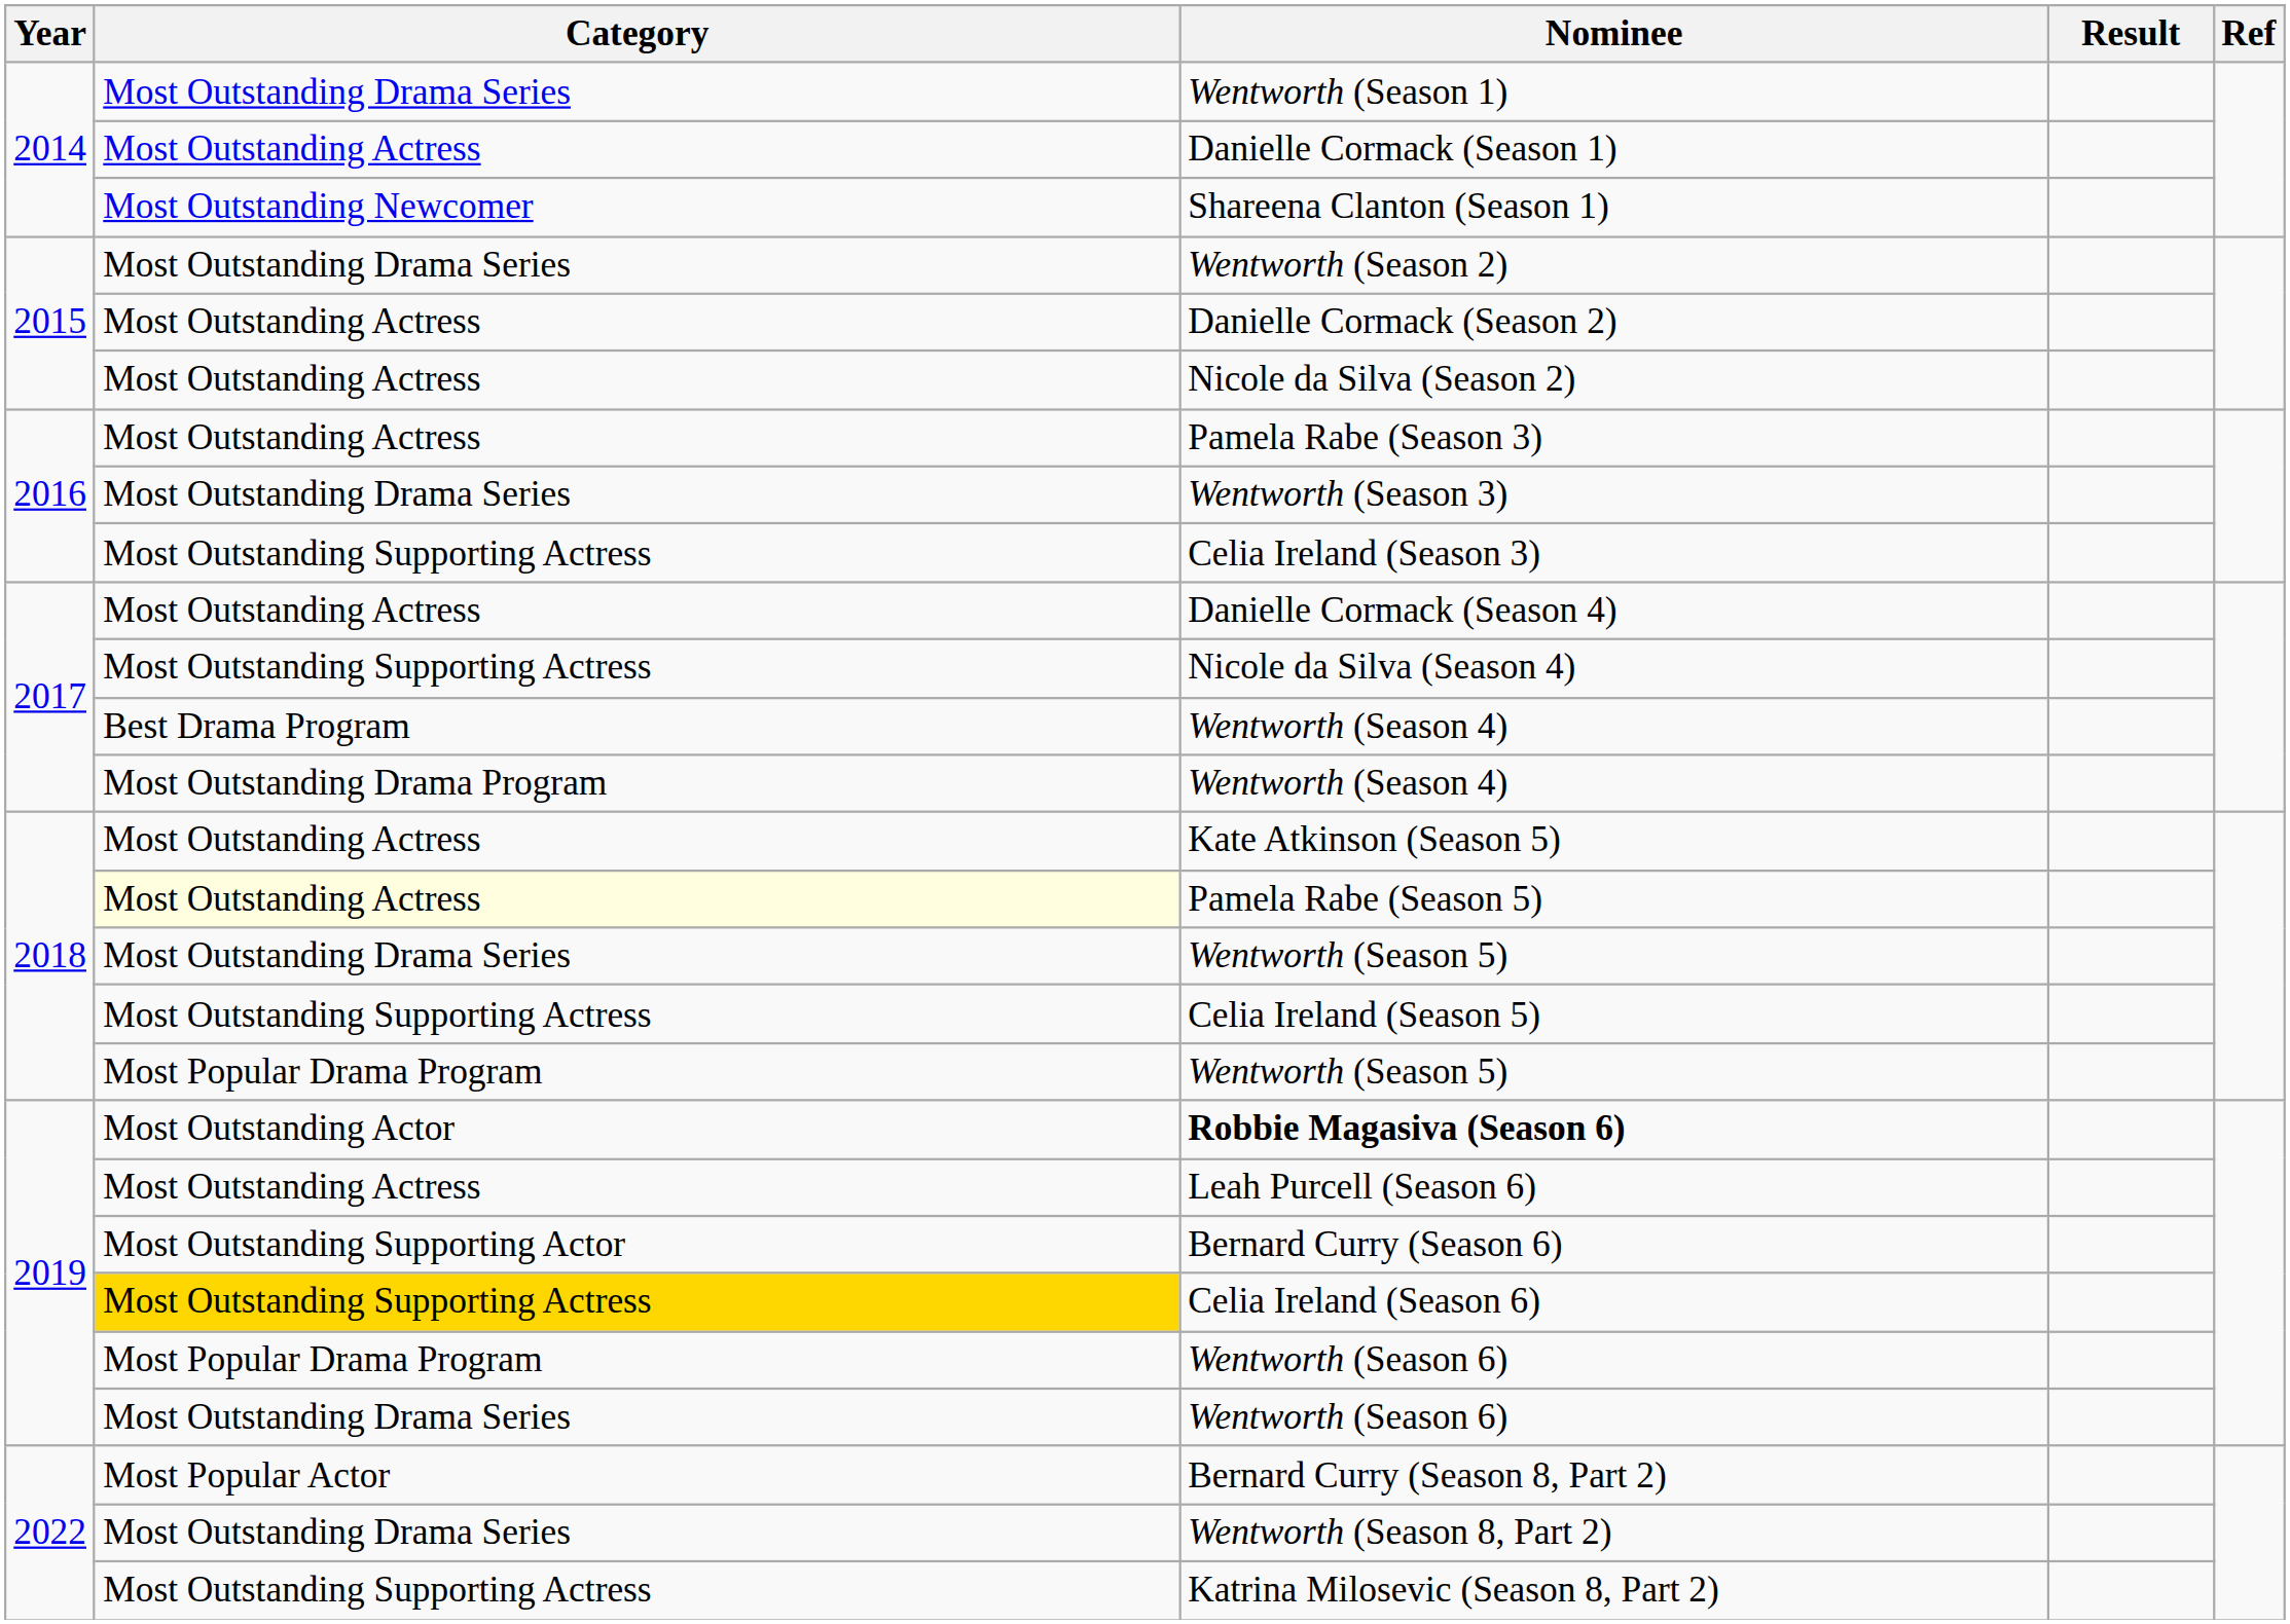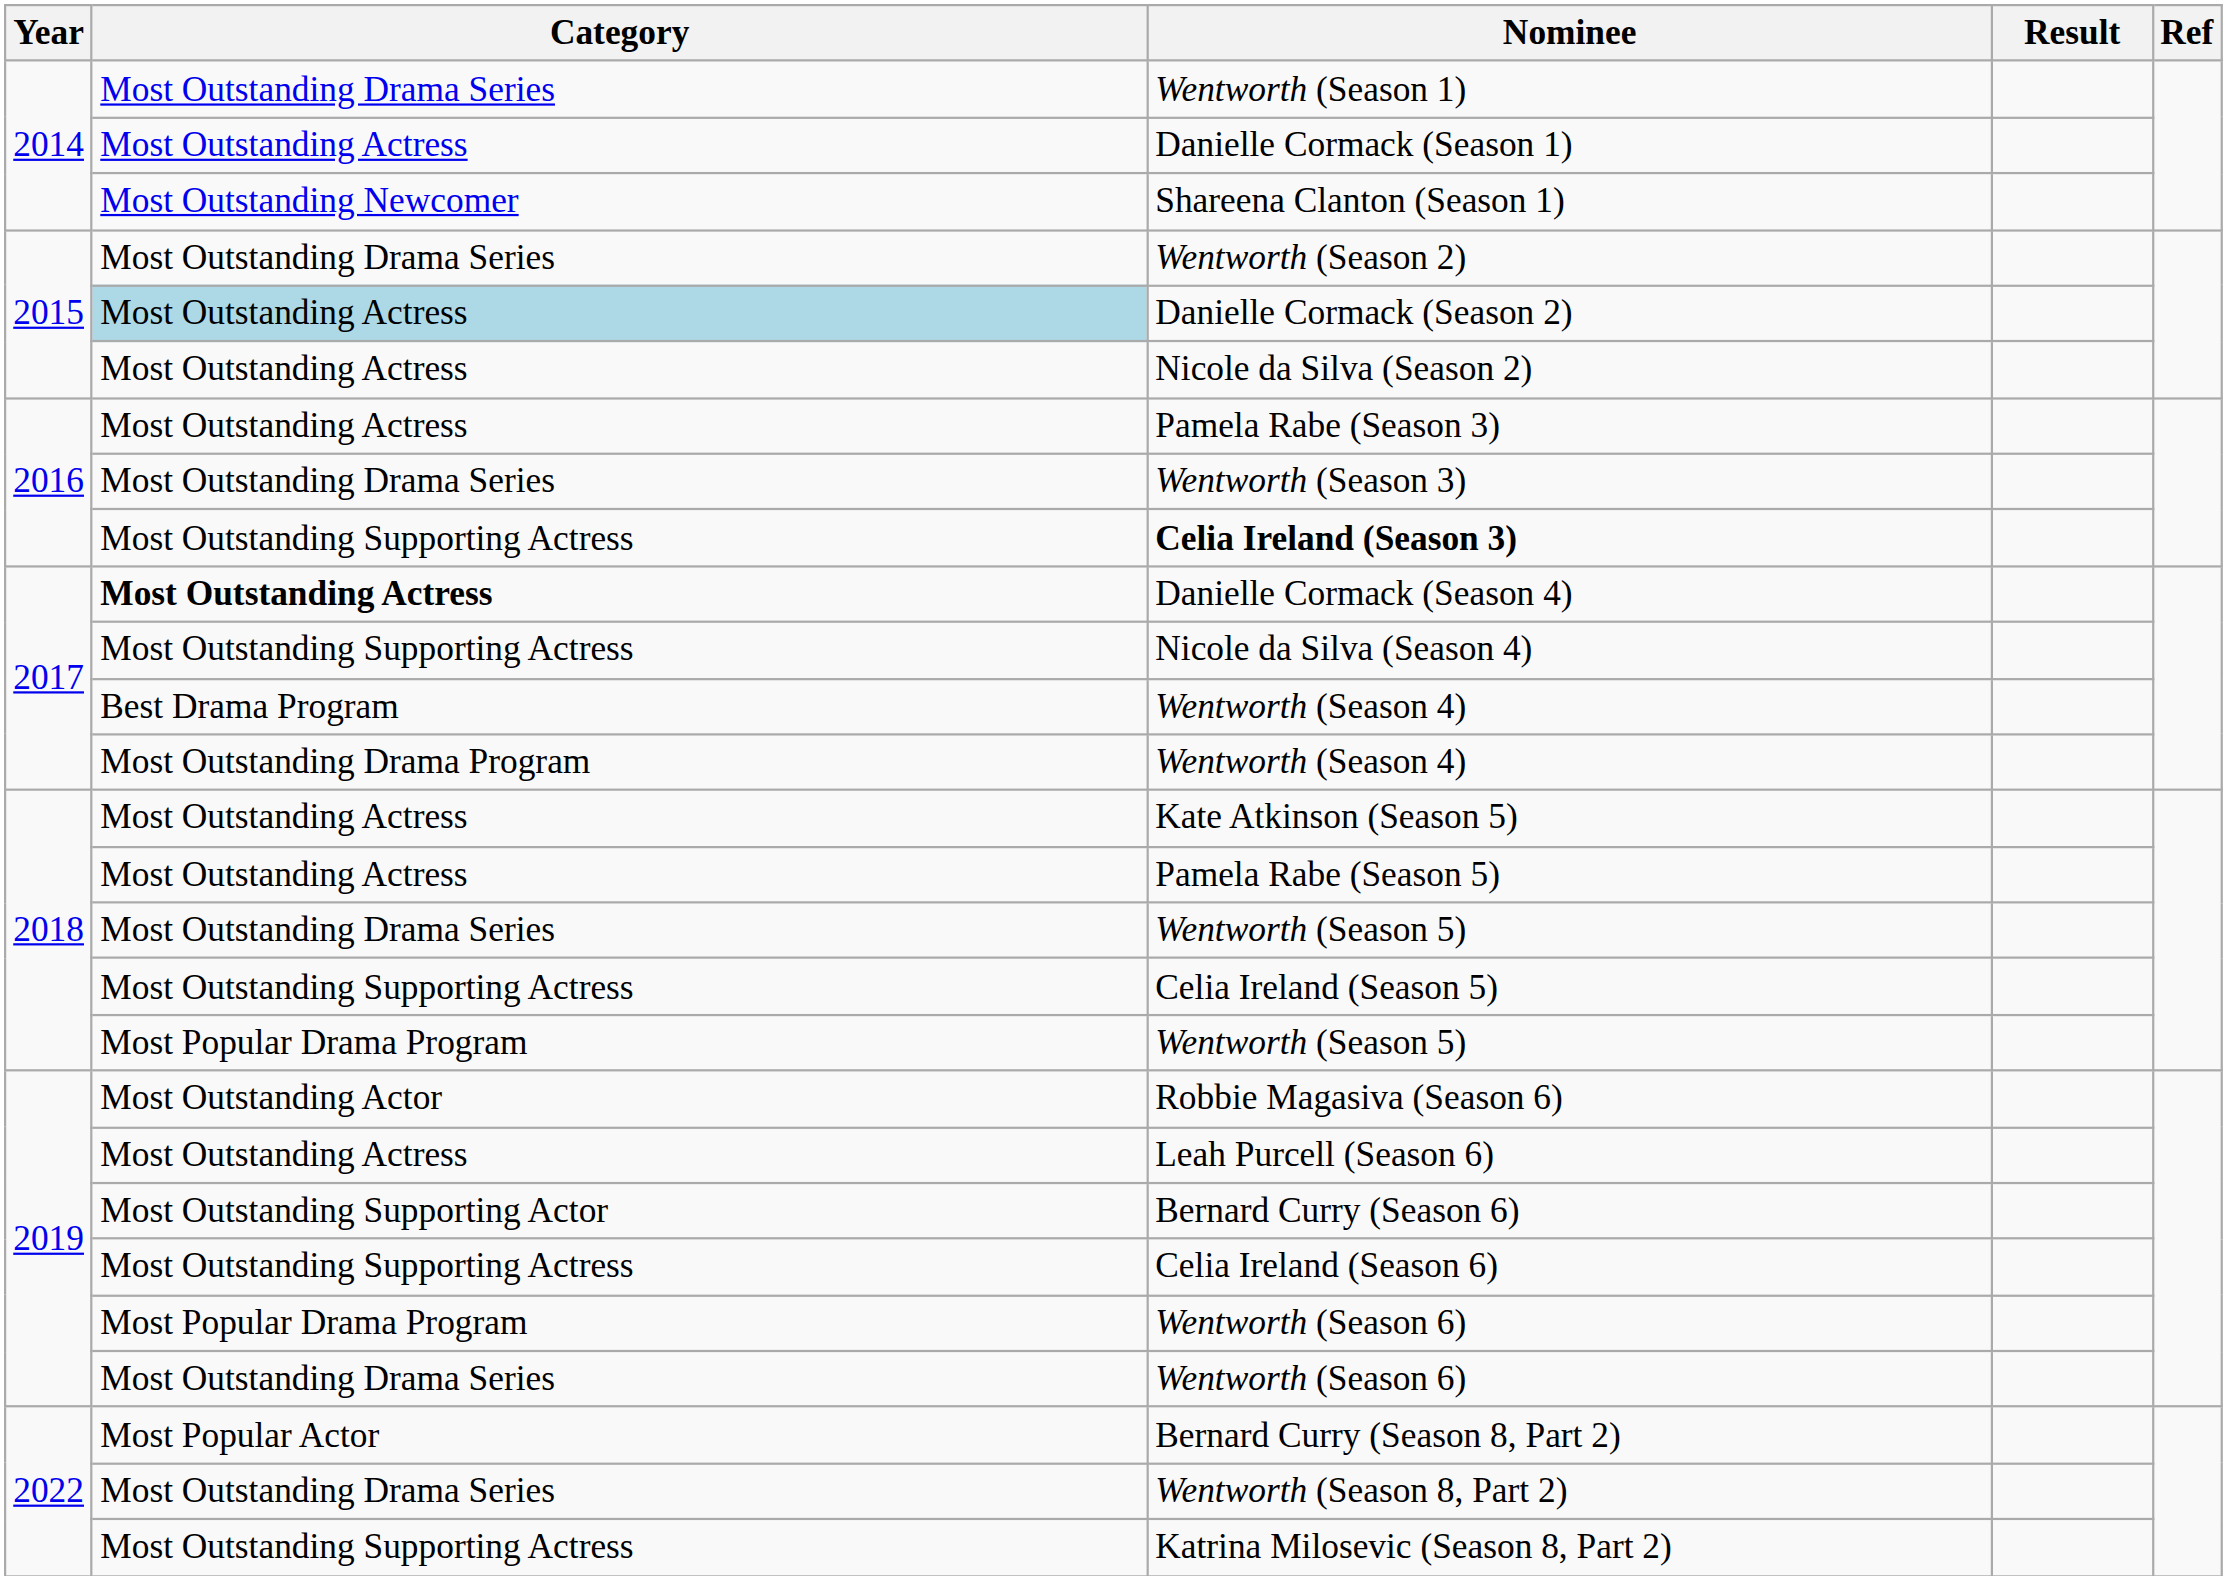 <table class="wikitable">
 <tr>
 <th>Year</th>
 <th width="470">Category</th>
 <th width="375">Nominee</th>
 <th width="65">Result</th>
 <th>Ref</th>
 </tr>
 <tr>
 <td rowspan="3"><a href='#'>2014</a></td>
 <td><a href='#'>Most Outstanding Drama Series</a></td>
 <td><em>Wentworth</em> (Season 1)</td>
 <td></td>
 <td align="center" rowspan="3"></td>
 </tr>
 <tr>
 <td><a href='#'>Most Outstanding Actress</a></td>
 <td>Danielle Cormack (Season 1)</td>
 <td></td>
 </tr>
 <tr>
 <td><a href='#'>Most Outstanding Newcomer</a></td>
 <td>Shareena Clanton (Season 1)</td>
 <td></td>
 </tr>
 <tr>
 <td rowspan="3"><a href='#'>2015</a></td>
 <td>Most Outstanding Drama Series</td>
 <td><em>Wentworth</em> (Season 2)</td>
 <td></td>
 <td align="center" rowspan="3"><br></td>
 </tr>
 <tr>
-<td>Most Outstanding Actress</td>
+<td style="background: lightblue;">Most Outstanding Actress</td>
 <td>Danielle Cormack (Season 2)</td>
 <td></td>
 </tr>
 <tr>
 <td>Most Outstanding Actress</td>
 <td>Nicole da Silva (Season 2)</td>
 <td></td>
 </tr>
 <tr>
 <td rowspan="3"><a href='#'>2016</a></td>
 <td>Most Outstanding Actress</td>
 <td>Pamela Rabe (Season 3)</td>
 <td></td>
 <td align="center" rowspan="3"><br></td>
 </tr>
 <tr>
 <td>Most Outstanding Drama Series</td>
 <td><em>Wentworth</em> (Season 3)</td>
 <td></td>
 </tr>
 <tr>
 <td>Most Outstanding Supporting Actress</td>
-<td>Celia Ireland (Season 3)</td>
+<td><strong>Celia Ireland (Season 3)</strong></td>
 <td></td>
 </tr>
 <tr>
 <td rowspan="4"><a href='#'>2017</a></td>
-<td>Most Outstanding Actress</td>
+<td><strong>Most Outstanding Actress</strong></td>
 <td>Danielle Cormack (Season 4)</td>
 <td></td>
 <td align="center" rowspan="4"></td>
 </tr>
 <tr>
 <td>Most Outstanding Supporting Actress</td>
 <td>Nicole da Silva (Season 4)</td>
 <td></td>
 </tr>
 <tr>
 <td>Best Drama Program</td>
 <td><em>Wentworth</em> (Season 4)</td>
 <td></td>
 </tr>
 <tr>
 <td>Most Outstanding Drama Program</td>
 <td><em>Wentworth</em> (Season 4)</td>
 <td></td>
 </tr>
 <tr>
 <td rowspan="5"><a href='#'>2018</a></td>
 <td>Most Outstanding Actress</td>
 <td>Kate Atkinson (Season 5)</td>
 <td></td>
 <td align="center" rowspan="5"></td>
 </tr>
 <tr>
-<td style="background: lightyellow;">Most Outstanding Actress</td>
+<td>Most Outstanding Actress</td>
 <td>Pamela Rabe (Season 5)</td>
 <td></td>
 </tr>
 <tr>
 <td>Most Outstanding Drama Series</td>
 <td><em>Wentworth</em> (Season 5)</td>
 <td></td>
 </tr>
 <tr>
 <td>Most Outstanding Supporting Actress</td>
 <td>Celia Ireland (Season 5)</td>
 <td></td>
 </tr>
 <tr>
 <td>Most Popular Drama Program</td>
 <td><em>Wentworth</em> (Season 5)</td>
 <td></td>
 </tr>
 <tr>
 <td rowspan="6"><a href='#'>2019</a></td>
 <td>Most Outstanding Actor</td>
-<td><strong>Robbie Magasiva (Season 6)</strong></td>
+<td>Robbie Magasiva (Season 6)</td>
 <td></td>
 <td align="center" rowspan="6"></td>
 </tr>
 <tr>
 <td>Most Outstanding Actress</td>
 <td>Leah Purcell (Season 6)</td>
 <td></td>
 </tr>
 <tr>
 <td>Most Outstanding Supporting Actor</td>
 <td>Bernard Curry (Season 6)</td>
 <td></td>
 </tr>
 <tr>
-<td style="background: gold;">Most Outstanding Supporting Actress</td>
+<td>Most Outstanding Supporting Actress</td>
 <td>Celia Ireland (Season 6)</td>
 <td></td>
 </tr>
 <tr>
 <td>Most Popular Drama Program</td>
 <td><em>Wentworth</em> (Season 6)</td>
 <td></td>
 </tr>
 <tr>
 <td>Most Outstanding Drama Series</td>
 <td><em>Wentworth</em> (Season 6)</td>
 <td></td>
 </tr>
 <tr>
 <td rowspan="3"><a href='#'>2022</a></td>
 <td>Most Popular Actor</td>
 <td>Bernard Curry (Season 8, Part 2)</td>
 <td></td>
 <td rowspan="3"><br></td>
 </tr>
 <tr>
 <td>Most Outstanding Drama Series</td>
 <td><em>Wentworth</em> (Season 8, Part 2)</td>
 <td></td>
 </tr>
 <tr>
 <td>Most Outstanding Supporting Actress</td>
 <td>Katrina Milosevic (Season 8, Part 2)</td>
 <td></td>
 </tr>
 </table>
